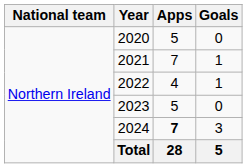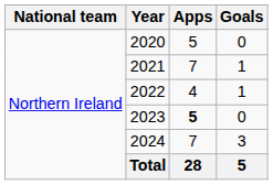 <table class=wikitable style=text-align:center>
 <tr>
 <th>National team</th>
 <th>Year</th>
 <th>Apps</th>
 <th>Goals</th>
 </tr>
 <tr>
 <td rowspan=6><a href='#'>Northern Ireland</a></td>
 <td>2020</td>
 <td>5</td>
 <td>0</td>
 </tr>
 <tr>
 <td>2021</td>
 <td>7</td>
 <td>1</td>
 </tr>
 <tr>
 <td>2022</td>
 <td>4</td>
 <td>1</td>
 </tr>
 <tr>
 <td>2023</td>
-<td>5</td>
+<td><strong>5</strong></td>
 <td>0</td>
 </tr>
 <tr>
 <td>2024</td>
-<td><strong>7</strong></td>
+<td>7</td>
 <td>3</td>
 </tr>
 <tr>
 <th colspan="1">Total</th>
 <th>28</th>
 <th>5</th>
 </tr>
 </table>
